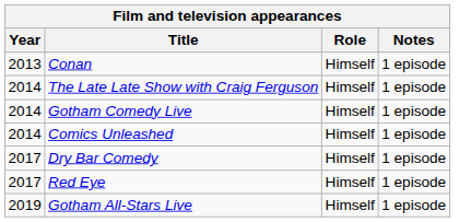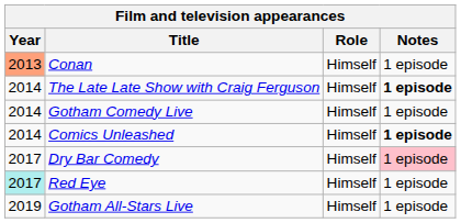 <table class= wikitable>
 <tr>
 <th colspan="4">Film and television appearances</th>
 </tr>
 <tr>
 <th>Year</th>
 <th>Title</th>
 <th>Role</th>
 <th>Notes</th>
 </tr>
 <tr>
-<td>2013</td>
+<td style="background: lightsalmon;">2013</td>
 <td><em><a href='#'>Conan</a></em></td>
 <td>Himself</td>
 <td>1 episode</td>
 </tr>
 <tr>
 <td>2014</td>
 <td><em><a href='#'>The Late Late Show with Craig Ferguson</a></em></td>
 <td>Himself</td>
-<td>1 episode</td>
+<td><strong>1 episode</strong></td>
 </tr>
 <tr>
 <td>2014</td>
 <td><em><a href='#'>Gotham Comedy Live</a></em></td>
 <td>Himself</td>
 <td>1 episode</td>
 </tr>
 <tr>
 <td>2014</td>
 <td><em><a href='#'>Comics Unleashed</a></em></td>
 <td>Himself</td>
-<td>1 episode</td>
+<td><strong>1 episode</strong></td>
 </tr>
 <tr>
 <td>2017</td>
 <td><em><a href='#'>Dry Bar Comedy</a></em></td>
 <td>Himself</td>
-<td>1 episode</td>
+<td style="background: pink;">1 episode</td>
 </tr>
 <tr>
-<td>2017</td>
+<td style="background: paleturquoise;">2017</td>
 <td><em><a href='#'>Red Eye</a></em></td>
 <td>Himself</td>
 <td>1 episode</td>
 </tr>
 <tr>
 <td>2019</td>
 <td><em><a href='#'>Gotham All-Stars Live</a></em></td>
 <td>Himself</td>
 <td>1 episode</td>
 </tr>
 </table>
